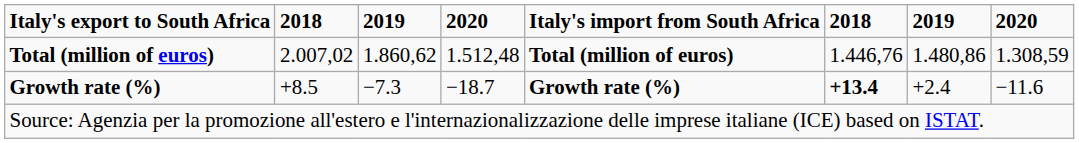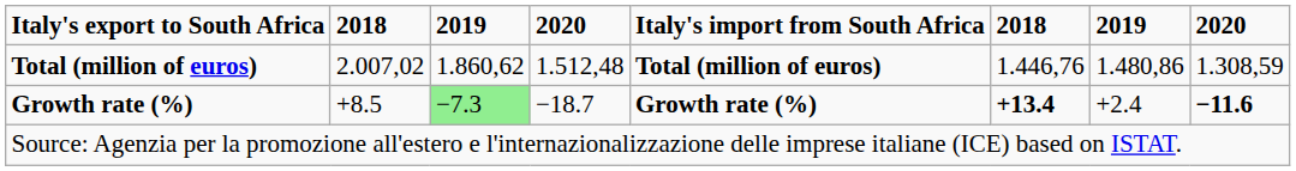 <table class="wikitable">
 <tr>
 <td><strong>Italy's export to South Africa</strong></td>
 <td><strong>2018</strong></td>
 <td><strong>2019</strong></td>
 <td><strong>2020</strong></td>
 <td><strong>Italy's import from South Africa</strong></td>
 <td><strong>2018</strong></td>
 <td><strong>2019</strong></td>
 <td><strong>2020</strong></td>
 </tr>
 <tr>
 <td><strong>Total (million of <a href='#'>euros</a>)</strong></td>
 <td>2.007,02</td>
 <td>1.860,62</td>
 <td>1.512,48</td>
 <td><strong>Total (million of euros)</strong></td>
 <td>1.446,76</td>
 <td>1.480,86</td>
 <td>1.308,59</td>
 </tr>
 <tr>
 <td><strong>Growth rate (%)</strong></td>
 <td>+8.5</td>
-<td>−7.3</td>
+<td style="background: lightgreen;">−7.3</td>
 <td>−18.7</td>
 <td><strong>Growth rate (%)</strong></td>
 <td><strong>+13.4</strong></td>
 <td>+2.4</td>
-<td>−11.6</td>
+<td><strong>−11.6</strong></td>
 </tr>
 <tr>
 <td colspan="8">Source: Agenzia per la promozione all'estero e l'internazionalizzazione delle imprese italiane (ICE) based on <a href='#'>ISTAT</a>.</td>
 </tr>
 </table>
